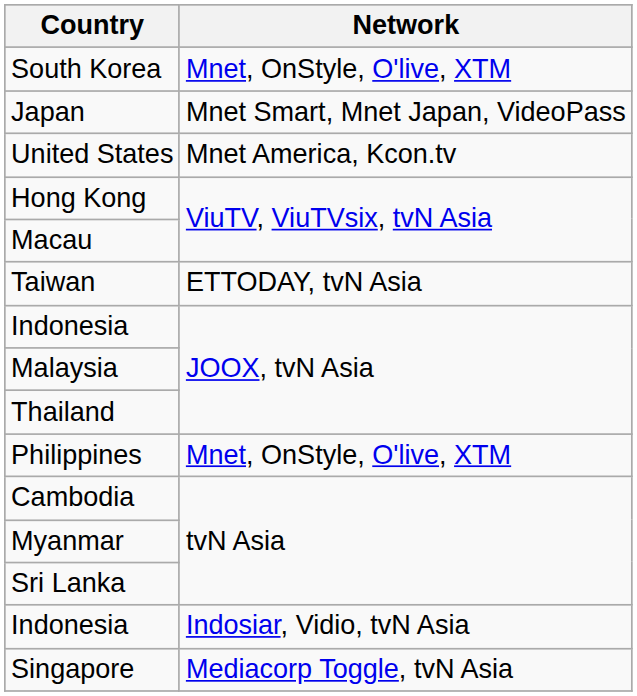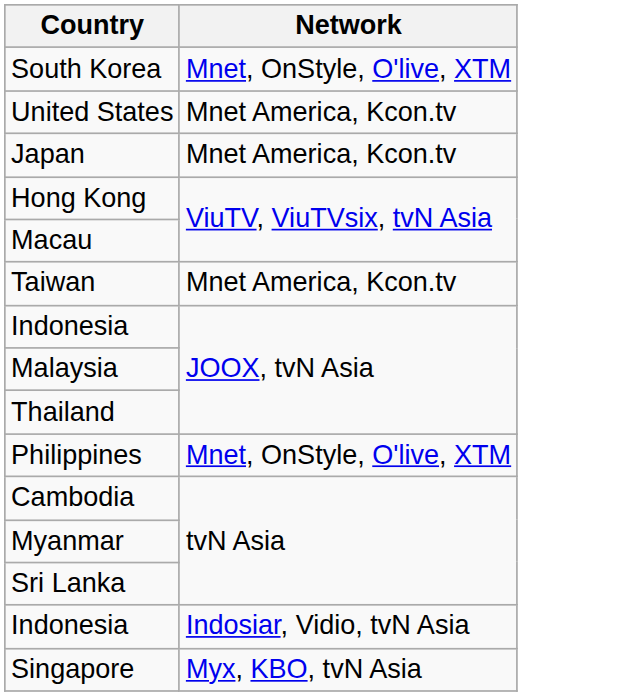 <table class="wikitable"; text-align:center; font-size:95%">
 <tr>
 <th>Country</th>
 <th>Network</th>
 </tr>
 <tr>
 <td>South Korea</td>
 <td><a href='#'>Mnet</a>, OnStyle, <a href='#'>O'live</a>, <a href='#'>XTM</a></td>
 </tr>
 <tr>
-<td>Japan</td>
-<td>Mnet Smart, Mnet Japan, VideoPass</td>
+<td>United States</td>
+<td>Mnet America, Kcon.tv</td>
 </tr>
 <tr>
-<td>United States</td>
+<td>Japan</td>
 <td>Mnet America, Kcon.tv</td>
 </tr>
 <tr>
 <td>Hong Kong</td>
 <td rowspan="2"><a href='#'>ViuTV</a>, <a href='#'>ViuTVsix</a>, <a href='#'>tvN Asia</a></td>
 </tr>
 <tr>
 <td>Macau</td>
 </tr>
 <tr>
 <td>Taiwan</td>
-<td>ETTODAY, tvN Asia</td>
+<td>Mnet America, Kcon.tv</td>
 </tr>
 <tr>
 <td>Indonesia</td>
 <td rowspan="3"><a href='#'>JOOX</a>, tvN Asia</td>
 </tr>
 <tr>
 <td>Malaysia</td>
 </tr>
 <tr>
 <td>Thailand</td>
 </tr>
 <tr>
 <td>Philippines</td>
 <td><a href='#'>Mnet</a>, OnStyle, <a href='#'>O'live</a>, <a href='#'>XTM</a></td>
 </tr>
 <tr>
 <td>Cambodia</td>
 <td rowspan="3">tvN Asia</td>
 </tr>
 <tr>
 <td>Myanmar</td>
 </tr>
 <tr>
 <td>Sri Lanka</td>
 </tr>
 <tr>
 <td>Indonesia</td>
 <td><a href='#'>Indosiar</a>, Vidio, tvN Asia</td>
 </tr>
 <tr>
 <td>Singapore</td>
-<td><a href='#'>Mediacorp Toggle</a>, tvN Asia</td>
+<td><a href='#'>Myx</a>, <a href='#'>KBO</a>, tvN Asia</td>
 </tr>
 </table>
